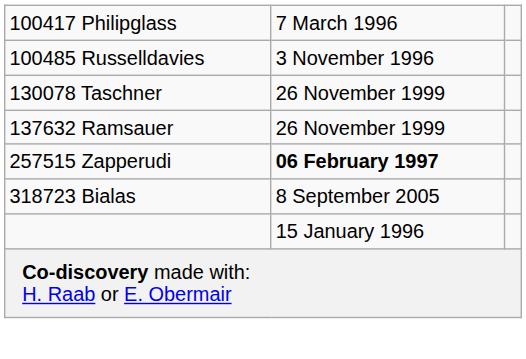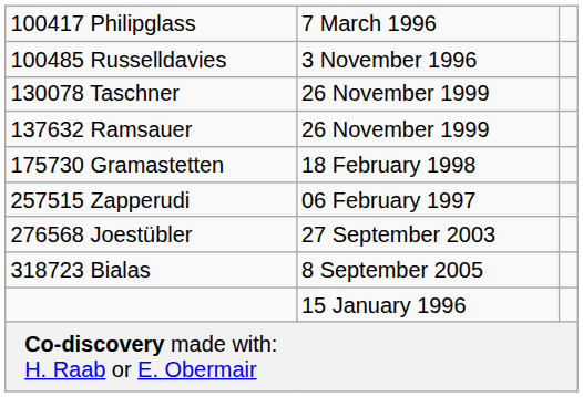 <table class="wikitable" style="font-size: 89%; float: left; width: 26em; margin-right: 1em; height: 224px;">
 <tr>
 <td>100417 Philipglass</td>
 <td>7 March 1996</td>
 <td></td>
 </tr>
 <tr>
 <td>100485 Russelldavies</td>
 <td>3 November 1996</td>
 <td> </td>
 </tr>
 <tr>
 <td>130078 Taschner</td>
 <td>26 November 1999</td>
 <td></td>
 </tr>
 <tr>
 <td>137632 Ramsauer</td>
 <td>26 November 1999</td>
 <td></td>
 </tr>
 <tr>
+<td>175730 Gramastetten</td>
+<td>18 February 1998</td>
+<td></td>
+</tr>
+<tr>
 <td>257515 Zapperudi</td>
-<td><strong>06 February 1997</strong></td>
+<td>06 February 1997</td>
+<td></td>
+</tr>
+<tr>
+<td>276568 Joestübler</td>
+<td>27 September 2003</td>
 <td></td>
 </tr>
 <tr>
 <td>318723 Bialas</td>
 <td>8 September 2005</td>
 <td></td>
 </tr>
 <tr>
 <td></td>
 <td>15 January 1996</td>
 <td></td>
 </tr>
 <tr>
 <th colspan=3 style="font-weight: normal; text-align: left; padding: 6px 12px;"><strong>Co-discovery</strong> made with:<br> <a href='#'>H. Raab</a> or  <a href='#'>E. Obermair</a></th>
 </tr>
 </table>
